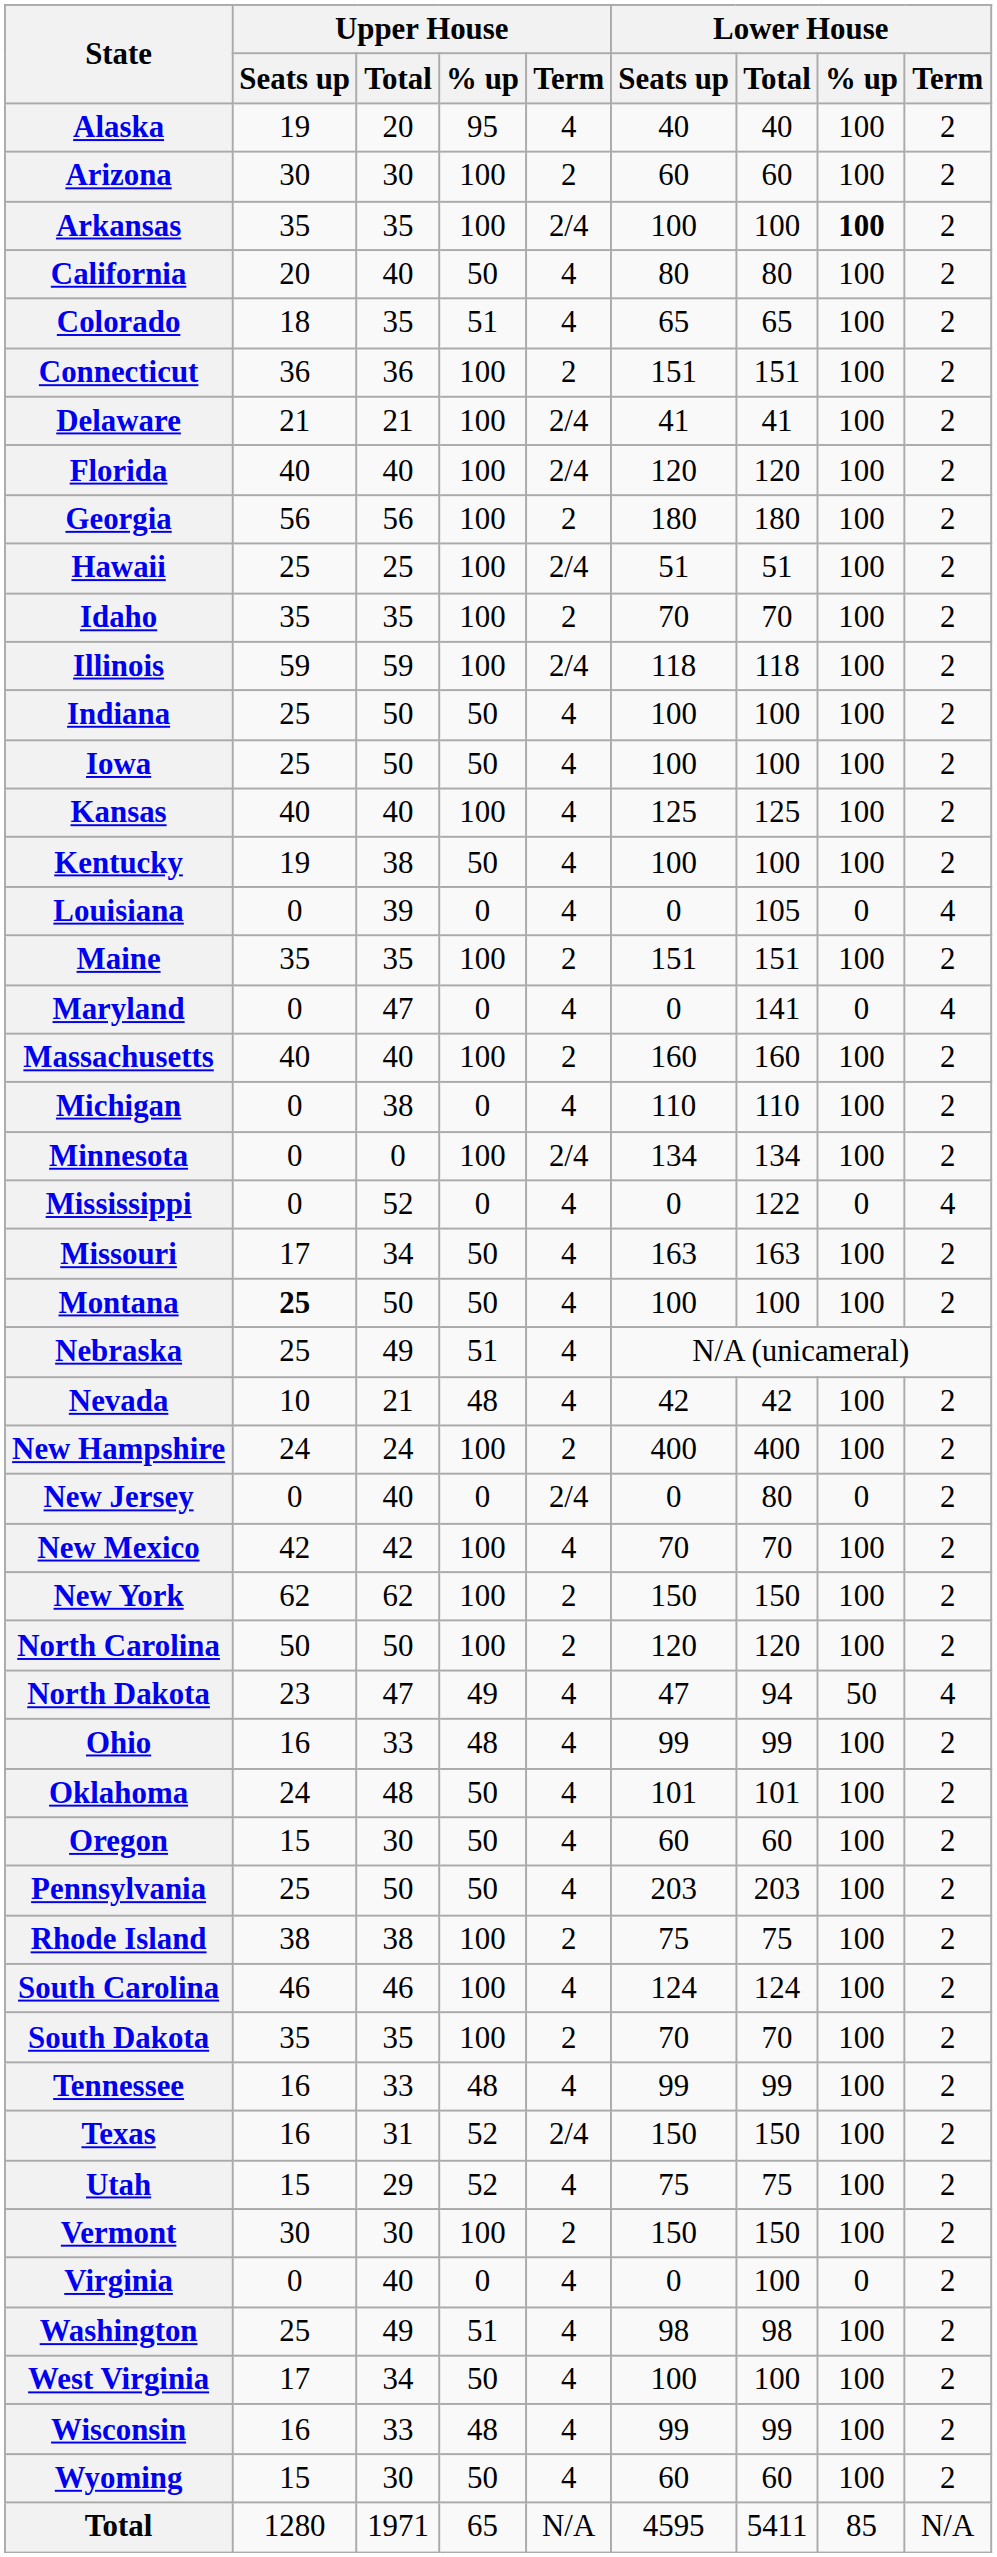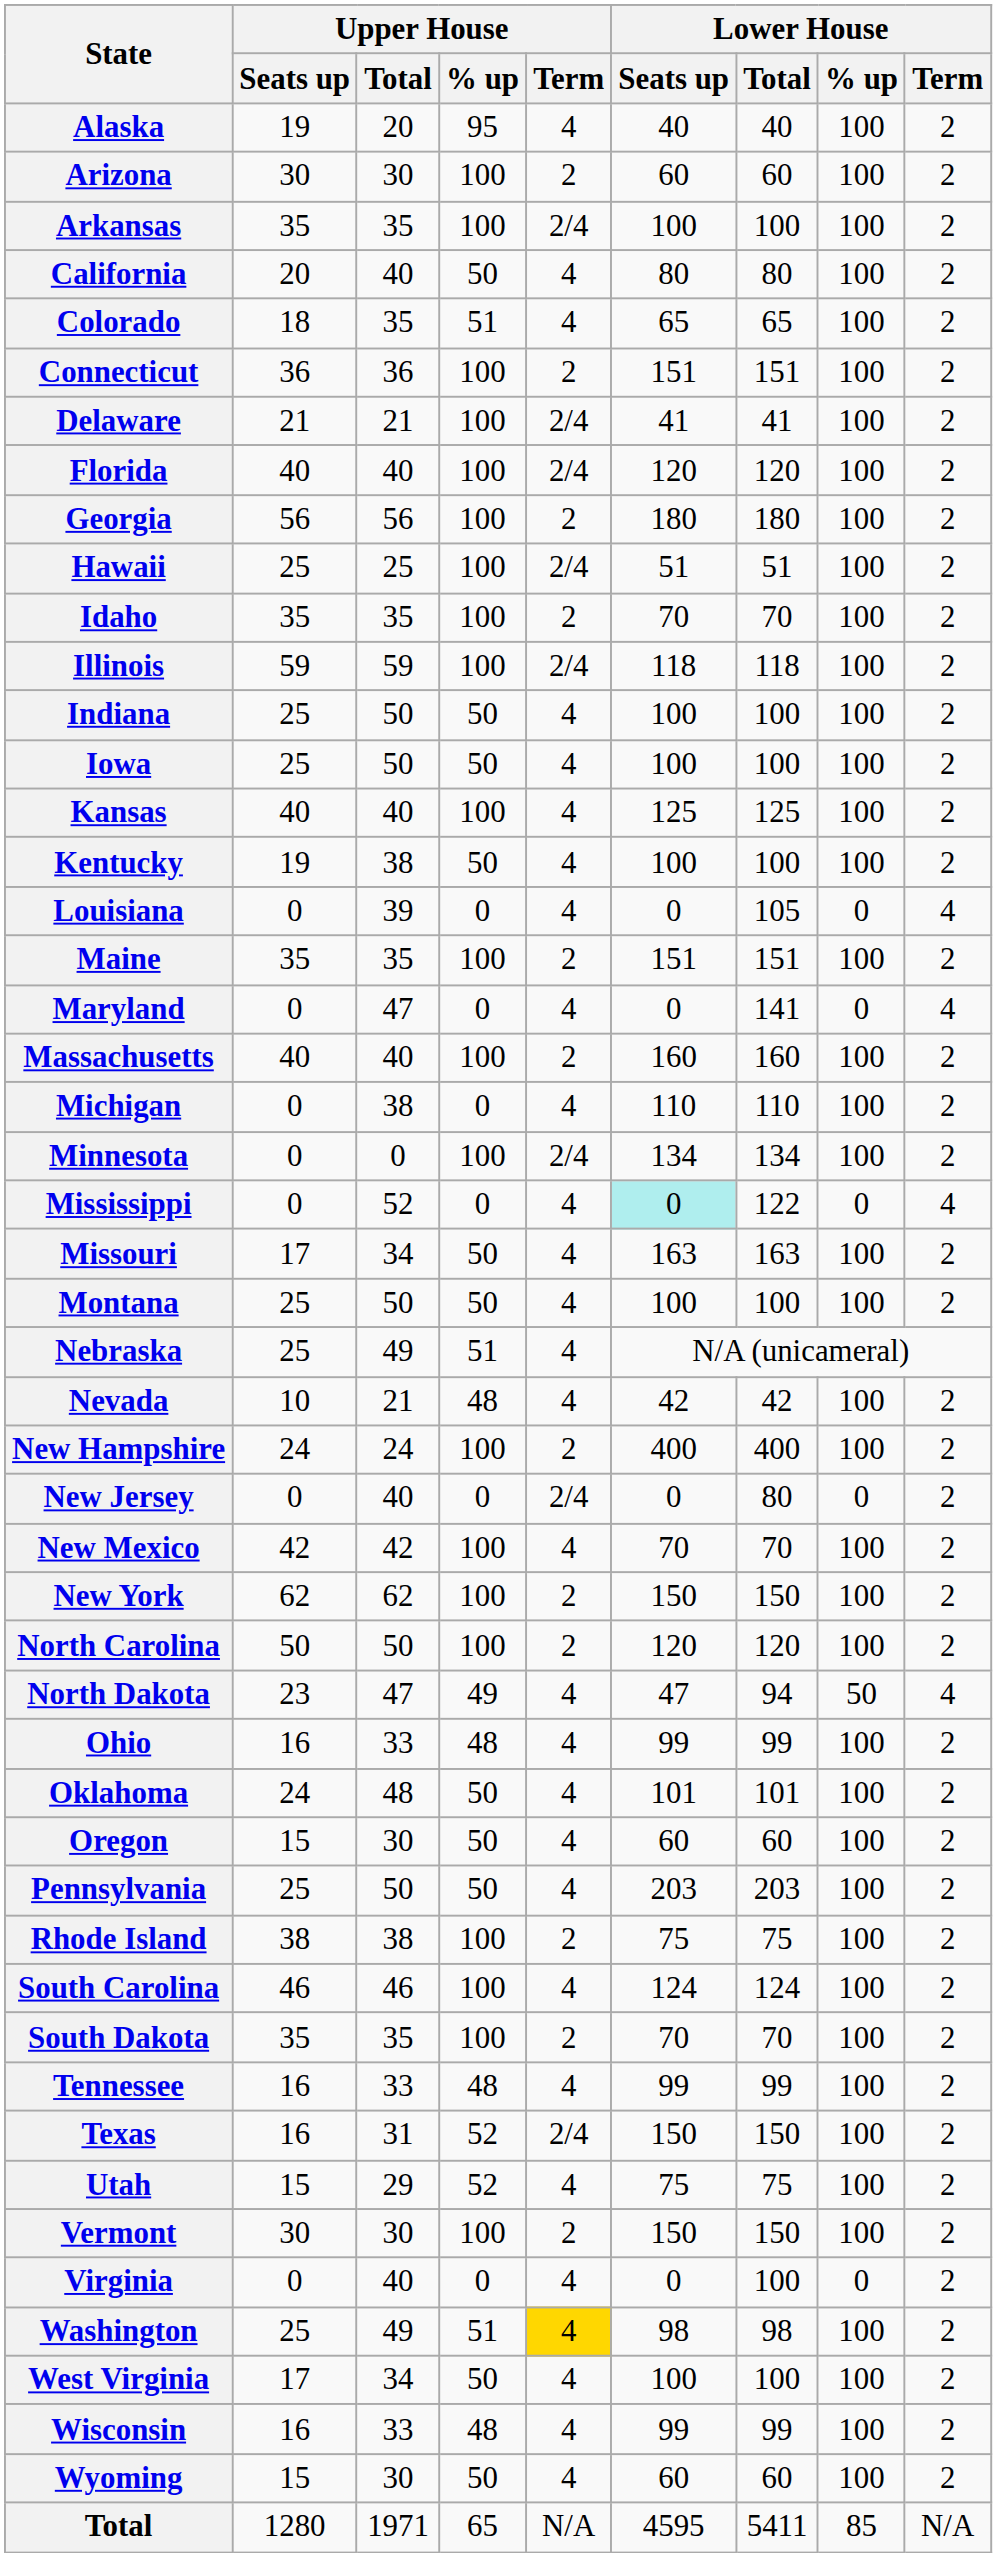 <table class="wikitable sortable plainrowheaders" style="text-align: center;">
 <tr>
 <th rowspan=2>State</th>
 <th colspan=4>Upper House</th>
 <th colspan=4>Lower House</th>
 </tr>
 <tr>
 <th>Seats up</th>
 <th>Total</th>
 <th>% up</th>
 <th>Term</th>
 <th>Seats up</th>
 <th>Total</th>
 <th>% up</th>
 <th>Term</th>
 </tr>
 <tr>
 <th scope="row"><a href='#'>Alaska</a></th>
 <td>19</td>
 <td>20</td>
 <td>95</td>
 <td>4</td>
 <td>40</td>
 <td>40</td>
 <td>100</td>
 <td>2</td>
 </tr>
 <tr>
 <th scope="row"><a href='#'>Arizona</a></th>
 <td>30</td>
 <td>30</td>
 <td>100</td>
 <td>2</td>
 <td>60</td>
 <td>60</td>
 <td>100</td>
 <td>2</td>
 </tr>
 <tr>
 <th scope="row"><a href='#'>Arkansas</a></th>
 <td>35</td>
 <td>35</td>
 <td>100</td>
 <td>2/4</td>
 <td>100</td>
 <td>100</td>
-<td><strong>100</strong></td>
+<td>100</td>
 <td>2</td>
 </tr>
 <tr>
 <th scope="row"><a href='#'>California</a></th>
 <td>20</td>
 <td>40</td>
 <td>50</td>
 <td>4</td>
 <td>80</td>
 <td>80</td>
 <td>100</td>
 <td>2</td>
 </tr>
 <tr>
 <th scope="row"><a href='#'>Colorado</a></th>
 <td>18</td>
 <td>35</td>
 <td>51</td>
 <td>4</td>
 <td>65</td>
 <td>65</td>
 <td>100</td>
 <td>2</td>
 </tr>
 <tr>
 <th scope="row"><a href='#'>Connecticut</a></th>
 <td>36</td>
 <td>36</td>
 <td>100</td>
 <td>2</td>
 <td>151</td>
 <td>151</td>
 <td>100</td>
 <td>2</td>
 </tr>
 <tr>
 <th scope="row"><a href='#'>Delaware</a></th>
 <td>21</td>
 <td>21</td>
 <td>100</td>
 <td>2/4</td>
 <td>41</td>
 <td>41</td>
 <td>100</td>
 <td>2</td>
 </tr>
 <tr>
 <th scope="row"><a href='#'>Florida</a></th>
 <td>40</td>
 <td>40</td>
 <td>100</td>
 <td>2/4</td>
 <td>120</td>
 <td>120</td>
 <td>100</td>
 <td>2</td>
 </tr>
 <tr>
 <th scope="row"><a href='#'>Georgia</a></th>
 <td>56</td>
 <td>56</td>
 <td>100</td>
 <td>2</td>
 <td>180</td>
 <td>180</td>
 <td>100</td>
 <td>2</td>
 </tr>
 <tr>
 <th scope="row"><a href='#'>Hawaii</a></th>
 <td>25</td>
 <td>25</td>
 <td>100</td>
 <td>2/4</td>
 <td>51</td>
 <td>51</td>
 <td>100</td>
 <td>2</td>
 </tr>
 <tr>
 <th scope="row"><a href='#'>Idaho</a></th>
 <td>35</td>
 <td>35</td>
 <td>100</td>
 <td>2</td>
 <td>70</td>
 <td>70</td>
 <td>100</td>
 <td>2</td>
 </tr>
 <tr>
 <th scope="row"><a href='#'>Illinois</a></th>
 <td>59</td>
 <td>59</td>
 <td>100</td>
 <td>2/4</td>
 <td>118</td>
 <td>118</td>
 <td>100</td>
 <td>2</td>
 </tr>
 <tr>
 <th scope="row"><a href='#'>Indiana</a></th>
 <td>25</td>
 <td>50</td>
 <td>50</td>
 <td>4</td>
 <td>100</td>
 <td>100</td>
 <td>100</td>
 <td>2</td>
 </tr>
 <tr>
 <th scope="row"><a href='#'>Iowa</a></th>
 <td>25</td>
 <td>50</td>
 <td>50</td>
 <td>4</td>
 <td>100</td>
 <td>100</td>
 <td>100</td>
 <td>2</td>
 </tr>
 <tr>
 <th scope="row"><a href='#'>Kansas</a></th>
 <td>40</td>
 <td>40</td>
 <td>100</td>
 <td>4</td>
 <td>125</td>
 <td>125</td>
 <td>100</td>
 <td>2</td>
 </tr>
 <tr>
 <th scope="row"><a href='#'>Kentucky</a></th>
 <td>19</td>
 <td>38</td>
 <td>50</td>
 <td>4</td>
 <td>100</td>
 <td>100</td>
 <td>100</td>
 <td>2</td>
 </tr>
 <tr>
 <th scope="row"><a href='#'>Louisiana</a></th>
 <td>0</td>
 <td>39</td>
 <td>0</td>
 <td>4</td>
 <td>0</td>
 <td>105</td>
 <td>0</td>
 <td>4</td>
 </tr>
 <tr>
 <th scope="row"><a href='#'>Maine</a></th>
 <td>35</td>
 <td>35</td>
 <td>100</td>
 <td>2</td>
 <td>151</td>
 <td>151</td>
 <td>100</td>
 <td>2</td>
 </tr>
 <tr>
 <th scope="row"><a href='#'>Maryland</a></th>
 <td>0</td>
 <td>47</td>
 <td>0</td>
 <td>4</td>
 <td>0</td>
 <td>141</td>
 <td>0</td>
 <td>4</td>
 </tr>
 <tr>
 <th scope="row"><a href='#'>Massachusetts</a></th>
 <td>40</td>
 <td>40</td>
 <td>100</td>
 <td>2</td>
 <td>160</td>
 <td>160</td>
 <td>100</td>
 <td>2</td>
 </tr>
 <tr>
 <th scope="row"><a href='#'>Michigan</a></th>
 <td>0</td>
 <td>38</td>
 <td>0</td>
 <td>4</td>
 <td>110</td>
 <td>110</td>
 <td>100</td>
 <td>2</td>
 </tr>
 <tr>
 <th scope="row"><a href='#'>Minnesota</a></th>
 <td>0</td>
 <td>0</td>
 <td>100</td>
 <td>2/4</td>
 <td>134</td>
 <td>134</td>
 <td>100</td>
 <td>2</td>
 </tr>
 <tr>
 <th scope="row"><a href='#'>Mississippi</a></th>
 <td>0</td>
 <td>52</td>
 <td>0</td>
 <td>4</td>
-<td>0</td>
+<td style="background: paleturquoise;">0</td>
 <td>122</td>
 <td>0</td>
 <td>4</td>
 </tr>
 <tr>
 <th scope="row"><a href='#'>Missouri</a></th>
 <td>17</td>
 <td>34</td>
 <td>50</td>
 <td>4</td>
 <td>163</td>
 <td>163</td>
 <td>100</td>
 <td>2</td>
 </tr>
 <tr>
 <th scope="row"><a href='#'>Montana</a></th>
-<td><strong>25</strong></td>
+<td>25</td>
 <td>50</td>
 <td>50</td>
 <td>4</td>
 <td>100</td>
 <td>100</td>
 <td>100</td>
 <td>2</td>
 </tr>
 <tr>
 <th scope="row"><a href='#'>Nebraska</a></th>
 <td>25</td>
 <td>49</td>
 <td>51</td>
 <td>4</td>
 <td colspan=4>N/A (unicameral)</td>
 </tr>
 <tr>
 <th scope="row"><a href='#'>Nevada</a></th>
 <td>10</td>
 <td>21</td>
 <td>48</td>
 <td>4</td>
 <td>42</td>
 <td>42</td>
 <td>100</td>
 <td>2</td>
 </tr>
 <tr>
 <th scope="row"><a href='#'>New Hampshire</a></th>
 <td>24</td>
 <td>24</td>
 <td>100</td>
 <td>2</td>
 <td>400</td>
 <td>400</td>
 <td>100</td>
 <td>2</td>
 </tr>
 <tr>
 <th scope="row"><a href='#'>New Jersey</a></th>
 <td>0</td>
 <td>40</td>
 <td>0</td>
 <td>2/4</td>
 <td>0</td>
 <td>80</td>
 <td>0</td>
 <td>2</td>
 </tr>
 <tr>
 <th scope="row"><a href='#'>New Mexico</a></th>
 <td>42</td>
 <td>42</td>
 <td>100</td>
 <td>4</td>
 <td>70</td>
 <td>70</td>
 <td>100</td>
 <td>2</td>
 </tr>
 <tr>
 <th scope="row"><a href='#'>New York</a></th>
 <td>62</td>
 <td>62</td>
 <td>100</td>
 <td>2</td>
 <td>150</td>
 <td>150</td>
 <td>100</td>
 <td>2</td>
 </tr>
 <tr>
 <th scope="row"><a href='#'>North Carolina</a></th>
 <td>50</td>
 <td>50</td>
 <td>100</td>
 <td>2</td>
 <td>120</td>
 <td>120</td>
 <td>100</td>
 <td>2</td>
 </tr>
 <tr>
 <th scope="row"><a href='#'>North Dakota</a></th>
 <td>23</td>
 <td>47</td>
 <td>49</td>
 <td>4</td>
 <td>47</td>
 <td>94</td>
 <td>50</td>
 <td>4</td>
 </tr>
 <tr>
 <th scope="row"><a href='#'>Ohio</a></th>
 <td>16</td>
 <td>33</td>
 <td>48</td>
 <td>4</td>
 <td>99</td>
 <td>99</td>
 <td>100</td>
 <td>2</td>
 </tr>
 <tr>
 <th scope="row"><a href='#'>Oklahoma</a></th>
 <td>24</td>
 <td>48</td>
 <td>50</td>
 <td>4</td>
 <td>101</td>
 <td>101</td>
 <td>100</td>
 <td>2</td>
 </tr>
 <tr>
 <th scope="row"><a href='#'>Oregon</a></th>
 <td>15</td>
 <td>30</td>
 <td>50</td>
 <td>4</td>
 <td>60</td>
 <td>60</td>
 <td>100</td>
 <td>2</td>
 </tr>
 <tr>
 <th scope="row"><a href='#'>Pennsylvania</a></th>
 <td>25</td>
 <td>50</td>
 <td>50</td>
 <td>4</td>
 <td>203</td>
 <td>203</td>
 <td>100</td>
 <td>2</td>
 </tr>
 <tr>
 <th scope="row"><a href='#'>Rhode Island</a></th>
 <td>38</td>
 <td>38</td>
 <td>100</td>
 <td>2</td>
 <td>75</td>
 <td>75</td>
 <td>100</td>
 <td>2</td>
 </tr>
 <tr>
 <th scope="row"><a href='#'>South Carolina</a></th>
 <td>46</td>
 <td>46</td>
 <td>100</td>
 <td>4</td>
 <td>124</td>
 <td>124</td>
 <td>100</td>
 <td>2</td>
 </tr>
 <tr>
 <th scope="row"><a href='#'>South Dakota</a></th>
 <td>35</td>
 <td>35</td>
 <td>100</td>
 <td>2</td>
 <td>70</td>
 <td>70</td>
 <td>100</td>
 <td>2</td>
 </tr>
 <tr>
 <th scope="row"><a href='#'>Tennessee</a></th>
 <td>16</td>
 <td>33</td>
 <td>48</td>
 <td>4</td>
 <td>99</td>
 <td>99</td>
 <td>100</td>
 <td>2</td>
 </tr>
 <tr>
 <th scope="row"><a href='#'>Texas</a></th>
 <td>16</td>
 <td>31</td>
 <td>52</td>
 <td>2/4</td>
 <td>150</td>
 <td>150</td>
 <td>100</td>
 <td>2</td>
 </tr>
 <tr>
 <th scope="row"><a href='#'>Utah</a></th>
 <td>15</td>
 <td>29</td>
 <td>52</td>
 <td>4</td>
 <td>75</td>
 <td>75</td>
 <td>100</td>
 <td>2</td>
 </tr>
 <tr>
 <th scope="row"><a href='#'>Vermont</a></th>
 <td>30</td>
 <td>30</td>
 <td>100</td>
 <td>2</td>
 <td>150</td>
 <td>150</td>
 <td>100</td>
 <td>2</td>
 </tr>
 <tr>
 <th scope="row"><a href='#'>Virginia</a></th>
 <td>0</td>
 <td>40</td>
 <td>0</td>
 <td>4</td>
 <td>0</td>
 <td>100</td>
 <td>0</td>
 <td>2</td>
 </tr>
 <tr>
 <th scope="row"><a href='#'>Washington</a></th>
 <td>25</td>
 <td>49</td>
 <td>51</td>
-<td>4</td>
+<td style="background: gold;">4</td>
 <td>98</td>
 <td>98</td>
 <td>100</td>
 <td>2</td>
 </tr>
 <tr>
 <th scope="row"><a href='#'>West Virginia</a></th>
 <td>17</td>
 <td>34</td>
 <td>50</td>
 <td>4</td>
 <td>100</td>
 <td>100</td>
 <td>100</td>
 <td>2</td>
 </tr>
 <tr>
 <th scope="row"><a href='#'>Wisconsin</a></th>
 <td>16</td>
 <td>33</td>
 <td>48</td>
 <td>4</td>
 <td>99</td>
 <td>99</td>
 <td>100</td>
 <td>2</td>
 </tr>
 <tr>
 <th scope="row"><a href='#'>Wyoming</a></th>
 <td>15</td>
 <td>30</td>
 <td>50</td>
 <td>4</td>
 <td>60</td>
 <td>60</td>
 <td>100</td>
 <td>2</td>
 </tr>
 <tr class="sortbottom" |>
 <th scope="row">Total</th>
 <td>1280</td>
 <td>1971</td>
 <td>65</td>
 <td>N/A</td>
 <td>4595</td>
 <td>5411</td>
 <td>85</td>
 <td>N/A</td>
 </tr>
 </table>
